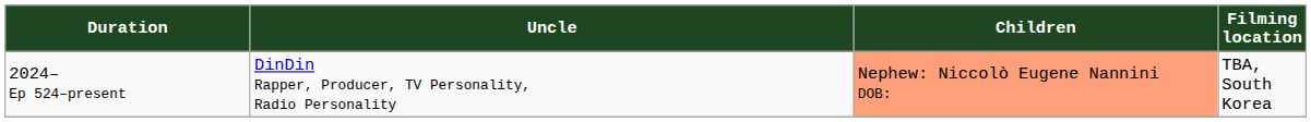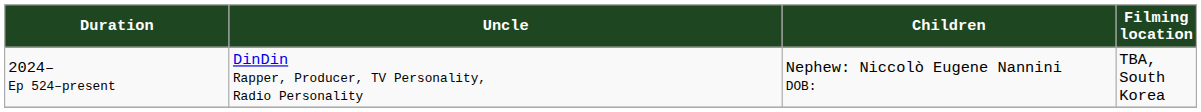 <table class="wikitable plainrowheaders" style="width:80%;">
 <tr>
 <th scope="col"  style="background:#1E4620; color:#fff; width:20%;">Duration</th>
 <th scope="col"  style="background:#1E4620; color:#fff; width:50%;">Uncle</th>
 <th scope="col"  style="background:#1E4620; color:#fff; width:50%;">Children</th>
 <th scope="col"  style="background:#1E4620; color:#fff; width:30%;">Filming location</th>
 </tr>
 <tr>
 <td>2024– <br> <small>Ep 524–present </small></td>
 <td><a href='#'>DinDin</a><br><small>Rapper, Producer, TV Personality,<br>Radio Personality<br></small></td>
-<td style="background: lightsalmon;">Nephew:   Niccolò Eugene Nannini <br><small>DOB: </small></td>
+<td>Nephew:   Niccolò Eugene Nannini <br><small>DOB: </small></td>
 <td>TBA, South Korea</td>
 </tr>
 <tr>
 </tr>
 </table>
